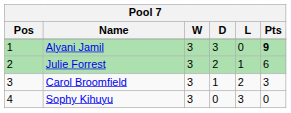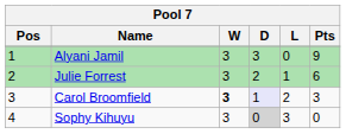 <table class="wikitable">
 <tr>
 <th colspan="6">Pool 7</th>
 </tr>
 <tr>
 <th width=50>Pos</th>
 <th width=200>Name</th>
 <th width=30>W</th>
 <th width=30>D</th>
 <th width=30>L</th>
 <th width=30>Pts</th>
 </tr>
 <tr>
 </tr>
 <tr style="background:#ACE1AF;">
 <td>1</td>
 <td> <a href='#'>Alyani Jamil</a></td>
 <td>3</td>
 <td>3</td>
 <td>0</td>
-<td><strong>9</strong></td>
+<td>9</td>
 </tr>
 <tr style="background:#ACE1AF;">
 <td>2</td>
 <td> <a href='#'>Julie Forrest</a></td>
 <td>3</td>
 <td>2</td>
 <td>1</td>
 <td>6</td>
 </tr>
 <tr>
 <td>3</td>
 <td> <a href='#'>Carol Broomfield</a></td>
-<td>3</td>
-<td>1</td>
+<td><strong>3</strong></td>
+<td style="background: lavender;">1</td>
 <td>2</td>
 <td>3</td>
 </tr>
 <tr>
 <td>4</td>
 <td> <a href='#'>Sophy Kihuyu</a></td>
 <td>3</td>
-<td>0</td>
+<td style="background: lightgrey;">0</td>
 <td>3</td>
 <td>0</td>
 </tr>
 </table>
